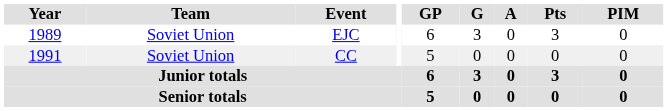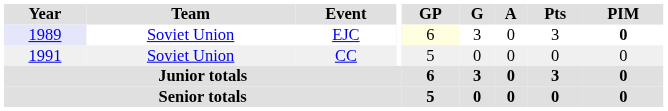 <table border="0" cellpadding="1" cellspacing="0" ID="Table3" style="text-align:center; width:40em">
 <tr bgcolor="#e0e0e0">
 <th>Year</th>
 <th>Team</th>
 <th>Event</th>
 <th rowspan="102" bgcolor="#ffffff"></th>
 <th>GP</th>
 <th>G</th>
 <th>A</th>
 <th>Pts</th>
 <th>PIM</th>
 </tr>
 <tr>
-<td><a href='#'>1989</a></td>
+<td style="background: lavender;"><a href='#'>1989</a></td>
 <td><a href='#'>Soviet Union</a></td>
 <td><a href='#'>EJC</a></td>
-<td>6</td>
+<td style="background: lightyellow;">6</td>
 <td>3</td>
 <td>0</td>
 <td>3</td>
-<td>0</td>
+<td><strong>0</strong></td>
 </tr>
 <tr bgcolor="f0f0f0">
 <td><a href='#'>1991</a></td>
 <td><a href='#'>Soviet Union</a></td>
 <td><a href='#'>CC</a></td>
 <td>5</td>
 <td>0</td>
 <td>0</td>
 <td>0</td>
 <td>0</td>
 </tr>
 <tr bgcolor="#e0e0e0">
 <th colspan="4">Junior totals</th>
 <th>6</th>
 <th>3</th>
 <th>0</th>
 <th>3</th>
 <th>0</th>
 </tr>
 <tr bgcolor="#e0e0e0">
 <th colspan="4">Senior totals</th>
 <th>5</th>
 <th>0</th>
 <th>0</th>
 <th>0</th>
 <th>0</th>
 </tr>
 </table>
